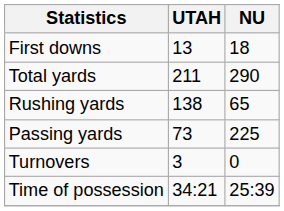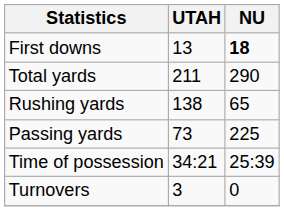 <table class="wikitable">
 <tr>
 <th>Statistics</th>
 <th>UTAH</th>
 <th>NU</th>
 </tr>
 <tr>
 <td>First downs</td>
 <td>13</td>
-<td>18</td>
+<td><strong>18</strong></td>
 </tr>
 <tr>
 <td>Total yards</td>
 <td>211</td>
 <td>290</td>
 </tr>
 <tr>
 <td>Rushing yards</td>
 <td>138</td>
 <td>65</td>
 </tr>
 <tr>
 <td>Passing yards</td>
 <td>73</td>
 <td>225</td>
 </tr>
 <tr>
+<td>Time of possession</td>
+<td>34:21</td>
+<td>25:39</td>
+</tr>
+<tr>
 <td>Turnovers</td>
 <td>3</td>
 <td>0</td>
 </tr>
 <tr>
-<td>Time of possession</td>
-<td>34:21</td>
-<td>25:39</td>
-</tr>
-<tr>
 </tr>
 </table>
